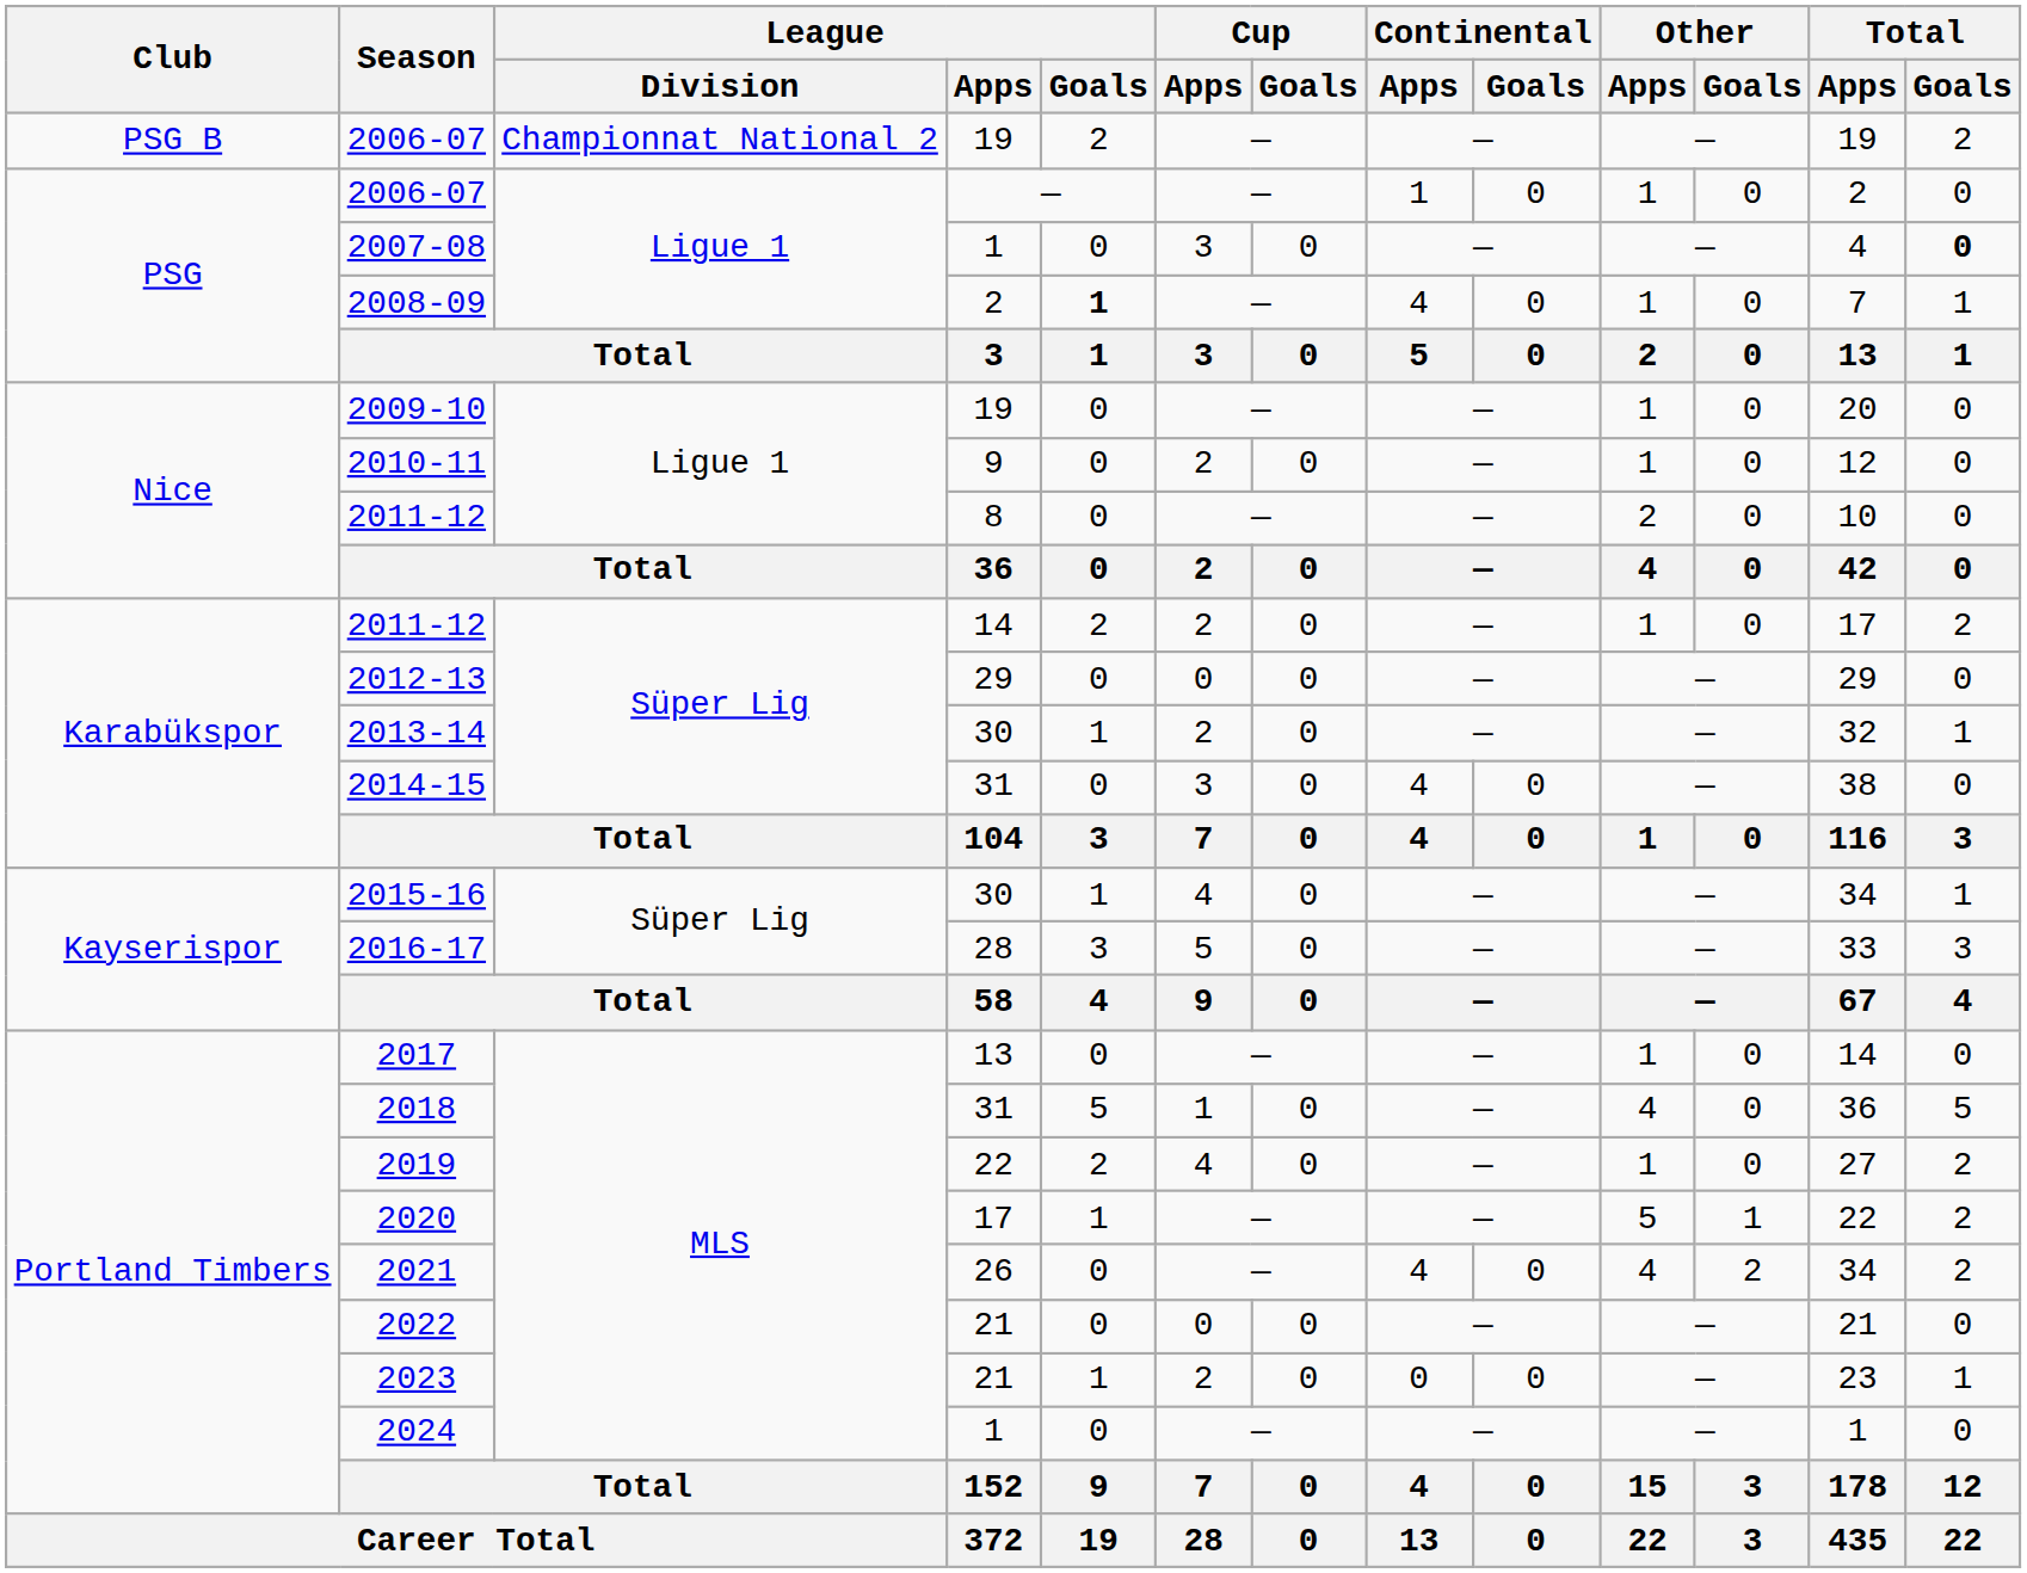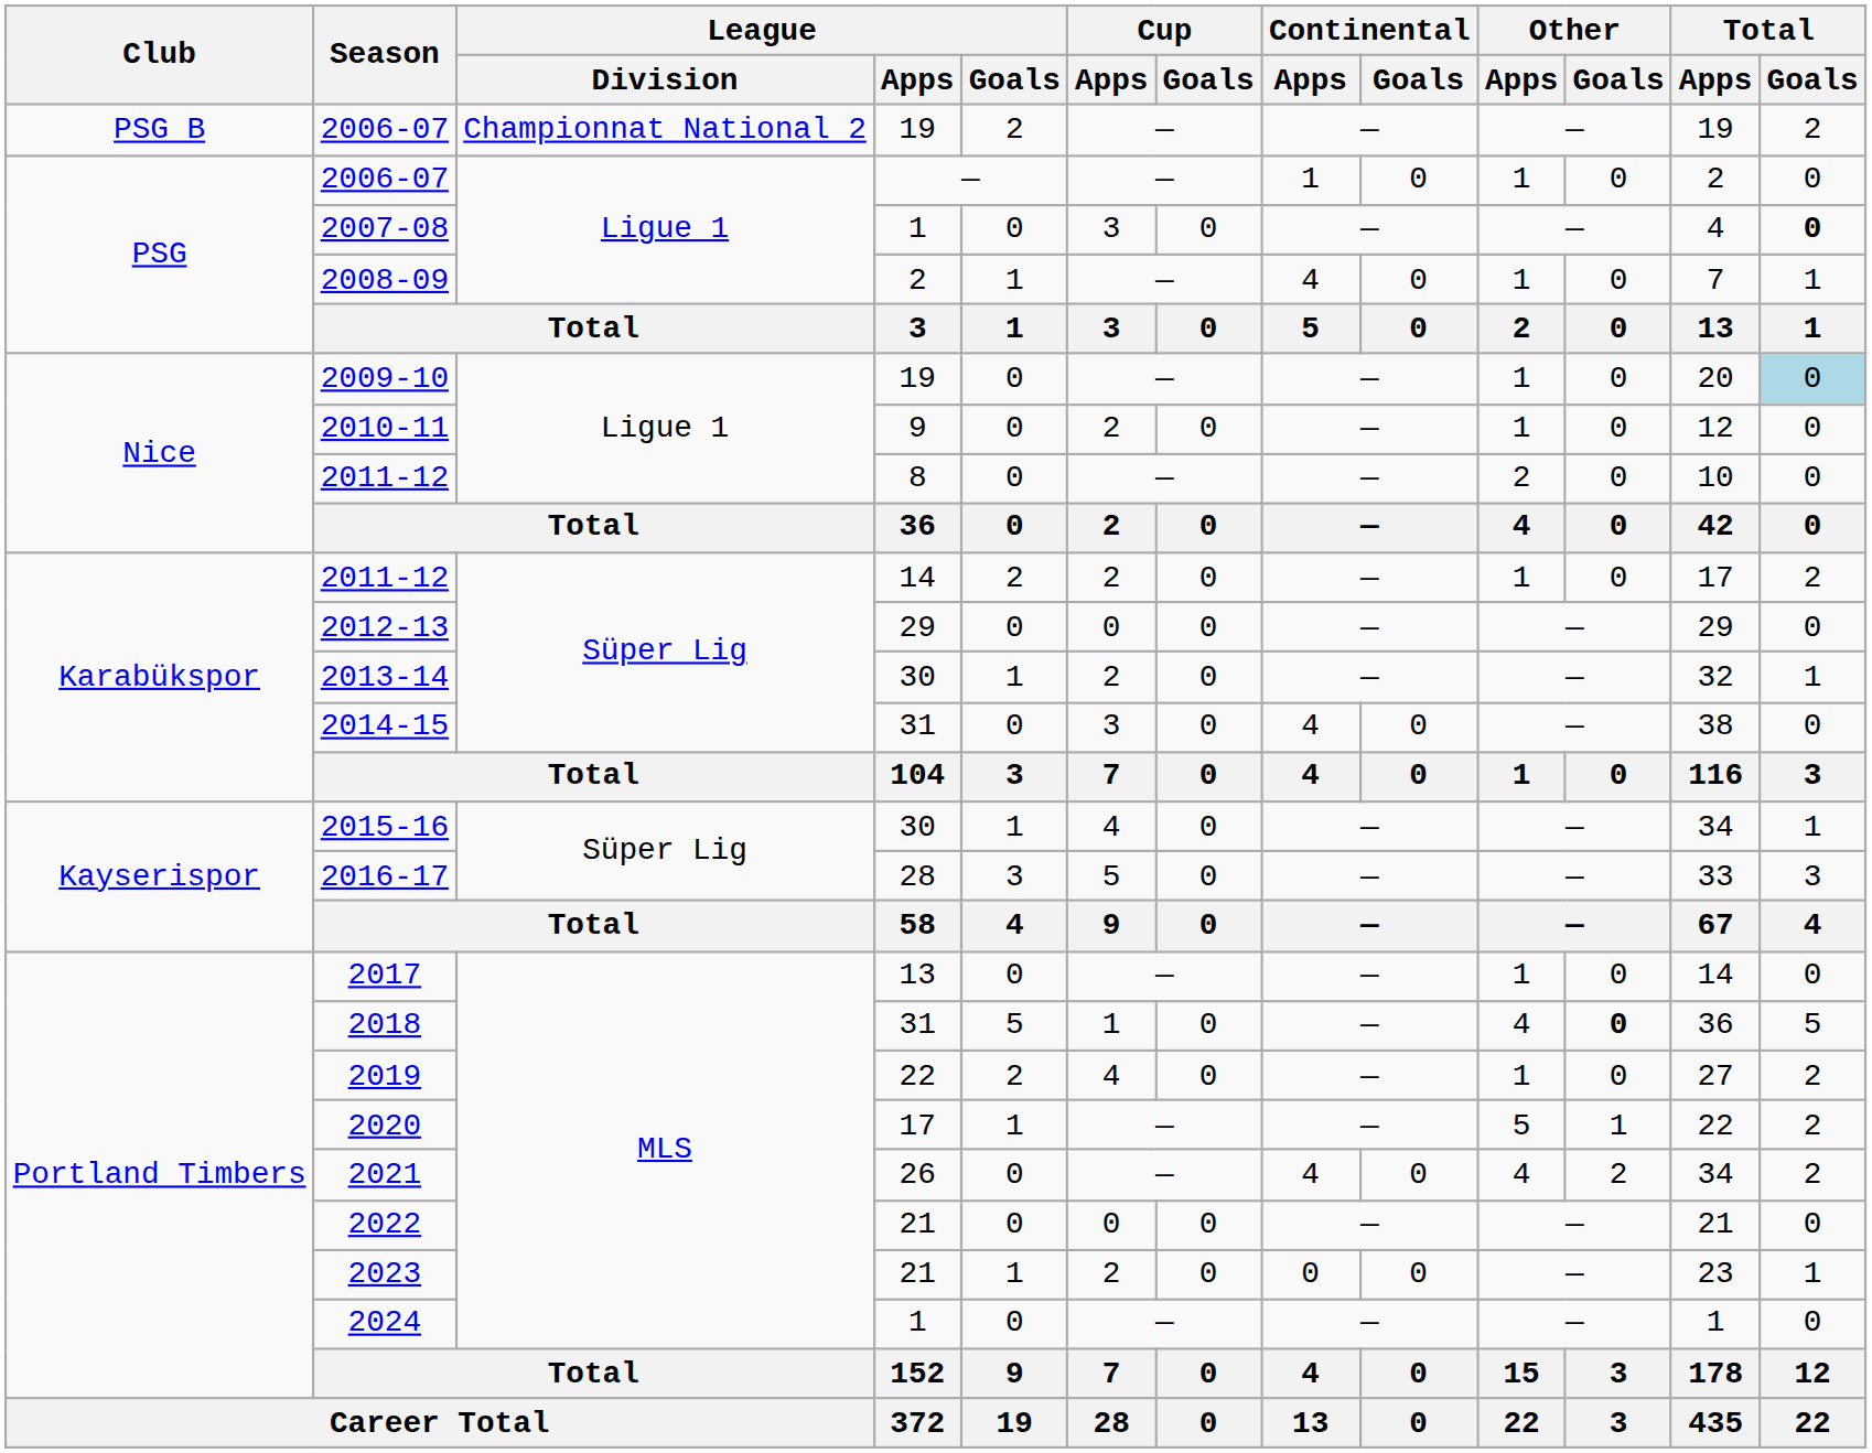 <table class="wikitable" border="1" style="text-align: center;">
 <tr>
 <th rowspan="2">Club</th>
 <th rowspan="2">Season</th>
 <th colspan="3">League</th>
 <th colspan="2">Cup</th>
 <th colspan="2">Continental</th>
 <th colspan="2">Other</th>
 <th colspan="2">Total</th>
 </tr>
 <tr>
 <th>Division</th>
 <th>Apps</th>
 <th>Goals</th>
 <th>Apps</th>
 <th>Goals</th>
 <th>Apps</th>
 <th>Goals</th>
 <th>Apps</th>
 <th>Goals</th>
 <th>Apps</th>
 <th>Goals</th>
 </tr>
 <tr>
 <td><a href='#'>PSG B</a></td>
 <td><a href='#'>2006-07</a></td>
 <td><a href='#'>Championnat National 2</a></td>
 <td>19</td>
 <td>2</td>
 <td colspan="2">—</td>
 <td colspan="2">—</td>
 <td colspan="2">—</td>
 <td>19</td>
 <td>2</td>
 </tr>
 <tr>
 <td rowspan="4"><a href='#'>PSG</a></td>
 <td><a href='#'>2006-07</a></td>
 <td rowspan="3"><a href='#'>Ligue 1</a></td>
 <td colspan="2">—</td>
 <td colspan="2">—</td>
 <td>1</td>
 <td>0</td>
 <td>1</td>
 <td>0</td>
 <td>2</td>
 <td>0</td>
 </tr>
 <tr>
 <td><a href='#'>2007-08</a></td>
 <td>1</td>
 <td>0</td>
 <td>3</td>
 <td>0</td>
 <td colspan="2">—</td>
 <td colspan="2">—</td>
 <td>4</td>
 <td><strong>0</strong></td>
 </tr>
 <tr>
 <td><a href='#'>2008-09</a></td>
 <td>2</td>
-<td><strong>1</strong></td>
+<td>1</td>
 <td colspan="2">—</td>
 <td>4</td>
 <td>0</td>
 <td>1</td>
 <td>0</td>
 <td>7</td>
 <td>1</td>
 </tr>
 <tr>
 <th colspan="2">Total</th>
 <th>3</th>
 <th>1</th>
 <th>3</th>
 <th>0</th>
 <th>5</th>
 <th>0</th>
 <th>2</th>
 <th>0</th>
 <th>13</th>
 <th>1</th>
 </tr>
 <tr>
 <td rowspan="4"><a href='#'>Nice</a></td>
 <td><a href='#'>2009-10</a></td>
 <td rowspan="3">Ligue 1</td>
 <td>19</td>
 <td>0</td>
 <td colspan="2">—</td>
 <td colspan="2">—</td>
 <td>1</td>
 <td>0</td>
 <td>20</td>
-<td>0</td>
+<td style="background: lightblue;">0</td>
 </tr>
 <tr>
 <td><a href='#'>2010-11</a></td>
 <td>9</td>
 <td>0</td>
 <td>2</td>
 <td>0</td>
 <td colspan="2">—</td>
 <td>1</td>
 <td>0</td>
 <td>12</td>
 <td>0</td>
 </tr>
 <tr>
 <td><a href='#'>2011-12</a></td>
 <td>8</td>
 <td>0</td>
 <td colspan="2">—</td>
 <td colspan="2">—</td>
 <td>2</td>
 <td>0</td>
 <td>10</td>
 <td>0</td>
 </tr>
 <tr>
 <th colspan="2">Total</th>
 <th>36</th>
 <th>0</th>
 <th>2</th>
 <th>0</th>
 <th colspan="2">—</th>
 <th>4</th>
 <th>0</th>
 <th>42</th>
 <th>0</th>
 </tr>
 <tr>
 <td rowspan="5"><a href='#'>Karabükspor</a></td>
 <td><a href='#'>2011-12</a></td>
 <td rowspan="4"><a href='#'>Süper Lig</a></td>
 <td>14</td>
 <td>2</td>
 <td>2</td>
 <td>0</td>
 <td colspan="2">—</td>
 <td>1</td>
 <td>0</td>
 <td>17</td>
 <td>2</td>
 </tr>
 <tr>
 <td><a href='#'>2012-13</a></td>
 <td>29</td>
 <td>0</td>
 <td>0</td>
 <td>0</td>
 <td colspan="2">—</td>
 <td colspan="2">—</td>
 <td>29</td>
 <td>0</td>
 </tr>
 <tr>
 <td><a href='#'>2013-14</a></td>
 <td>30</td>
 <td>1</td>
 <td>2</td>
 <td>0</td>
 <td colspan="2">—</td>
 <td colspan="2">—</td>
 <td>32</td>
 <td>1</td>
 </tr>
 <tr>
 <td><a href='#'>2014-15</a></td>
 <td>31</td>
 <td>0</td>
 <td>3</td>
 <td>0</td>
 <td>4</td>
 <td>0</td>
 <td colspan="2">—</td>
 <td>38</td>
 <td>0</td>
 </tr>
 <tr>
 <th colspan="2">Total</th>
 <th>104</th>
 <th>3</th>
 <th>7</th>
 <th>0</th>
 <th>4</th>
 <th>0</th>
 <th>1</th>
 <th>0</th>
 <th>116</th>
 <th>3</th>
 </tr>
 <tr>
 <td rowspan="3"><a href='#'>Kayserispor</a></td>
 <td><a href='#'>2015-16</a></td>
 <td rowspan="2">Süper Lig</td>
 <td>30</td>
 <td>1</td>
 <td>4</td>
 <td>0</td>
 <td colspan="2">—</td>
 <td colspan="2">—</td>
 <td>34</td>
 <td>1</td>
 </tr>
 <tr>
 <td><a href='#'>2016-17</a></td>
 <td>28</td>
 <td>3</td>
 <td>5</td>
 <td>0</td>
 <td colspan="2">—</td>
 <td colspan="2">—</td>
 <td>33</td>
 <td>3</td>
 </tr>
 <tr>
 <th colspan="2">Total</th>
 <th>58</th>
 <th>4</th>
 <th>9</th>
 <th>0</th>
 <th colspan="2">—</th>
 <th colspan="2">—</th>
 <th>67</th>
 <th>4</th>
 </tr>
 <tr>
 <td rowspan="9"><a href='#'>Portland Timbers</a></td>
 <td><a href='#'>2017</a></td>
 <td rowspan="8"><a href='#'>MLS</a></td>
 <td>13</td>
 <td>0</td>
 <td colspan="2">—</td>
 <td colspan="2">—</td>
 <td>1</td>
 <td>0</td>
 <td>14</td>
 <td>0</td>
 </tr>
 <tr>
 <td><a href='#'>2018</a></td>
 <td>31</td>
 <td>5</td>
 <td>1</td>
 <td>0</td>
 <td colspan="2">—</td>
 <td>4</td>
-<td>0</td>
+<td><strong>0</strong></td>
 <td>36</td>
 <td>5</td>
 </tr>
 <tr>
 <td><a href='#'>2019</a></td>
 <td>22</td>
 <td>2</td>
 <td>4</td>
 <td>0</td>
 <td colspan="2">—</td>
 <td>1</td>
 <td>0</td>
 <td>27</td>
 <td>2</td>
 </tr>
 <tr>
 <td><a href='#'>2020</a></td>
 <td>17</td>
 <td>1</td>
 <td colspan="2">—</td>
 <td colspan="2">—</td>
 <td>5</td>
 <td>1</td>
 <td>22</td>
 <td>2</td>
 </tr>
 <tr>
 <td><a href='#'>2021</a></td>
 <td>26</td>
 <td>0</td>
 <td colspan="2">—</td>
 <td>4</td>
 <td>0</td>
 <td>4</td>
 <td>2</td>
 <td>34</td>
 <td>2</td>
 </tr>
 <tr>
 <td><a href='#'>2022</a></td>
 <td>21</td>
 <td>0</td>
 <td>0</td>
 <td>0</td>
 <td colspan="2">—</td>
 <td colspan="2">—</td>
 <td>21</td>
 <td>0</td>
 </tr>
 <tr>
 <td><a href='#'>2023</a></td>
 <td>21</td>
 <td>1</td>
 <td>2</td>
 <td>0</td>
 <td>0</td>
 <td>0</td>
 <td colspan="2">—</td>
 <td>23</td>
 <td>1</td>
 </tr>
 <tr>
 <td><a href='#'>2024</a></td>
 <td>1</td>
 <td>0</td>
 <td colspan="2">—</td>
 <td colspan="2">—</td>
 <td colspan="2">—</td>
 <td>1</td>
 <td>0</td>
 </tr>
 <tr>
 <th colspan="2">Total</th>
 <th>152</th>
 <th>9</th>
 <th>7</th>
 <th>0</th>
 <th>4</th>
 <th>0</th>
 <th>15</th>
 <th>3</th>
 <th>178</th>
 <th>12</th>
 </tr>
 <tr>
 <th colspan="3">Career Total</th>
 <th>372</th>
 <th>19</th>
 <th>28</th>
 <th>0</th>
 <th>13</th>
 <th>0</th>
 <th>22</th>
 <th>3</th>
 <th>435</th>
 <th>22</th>
 </tr>
 </table>
